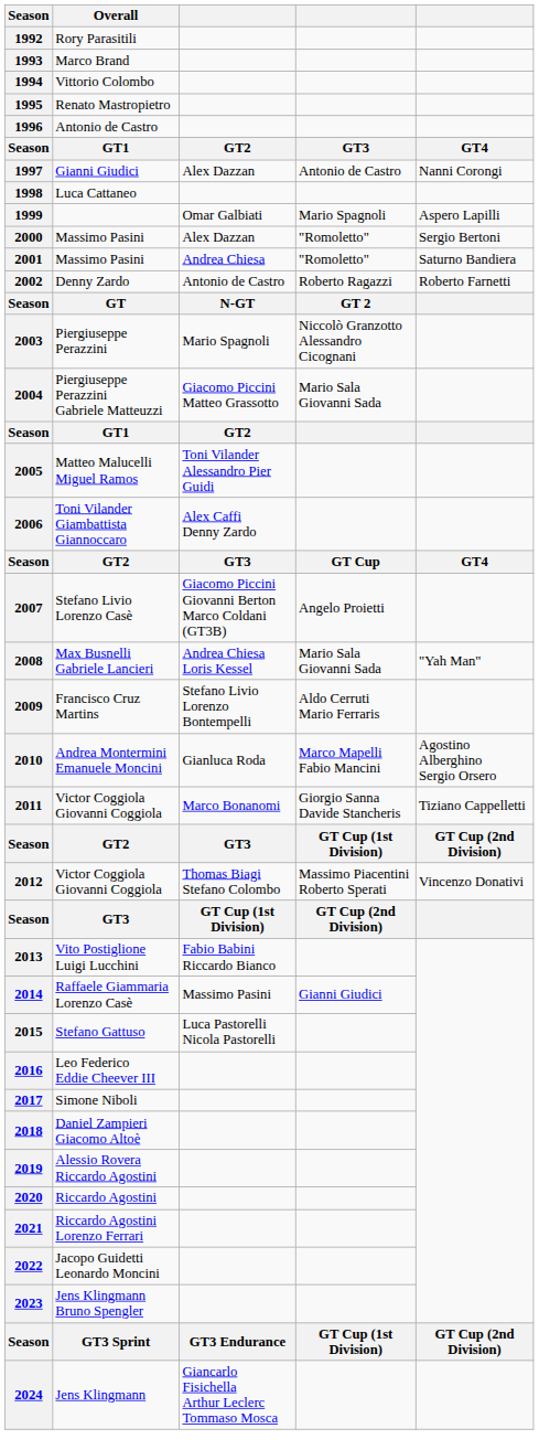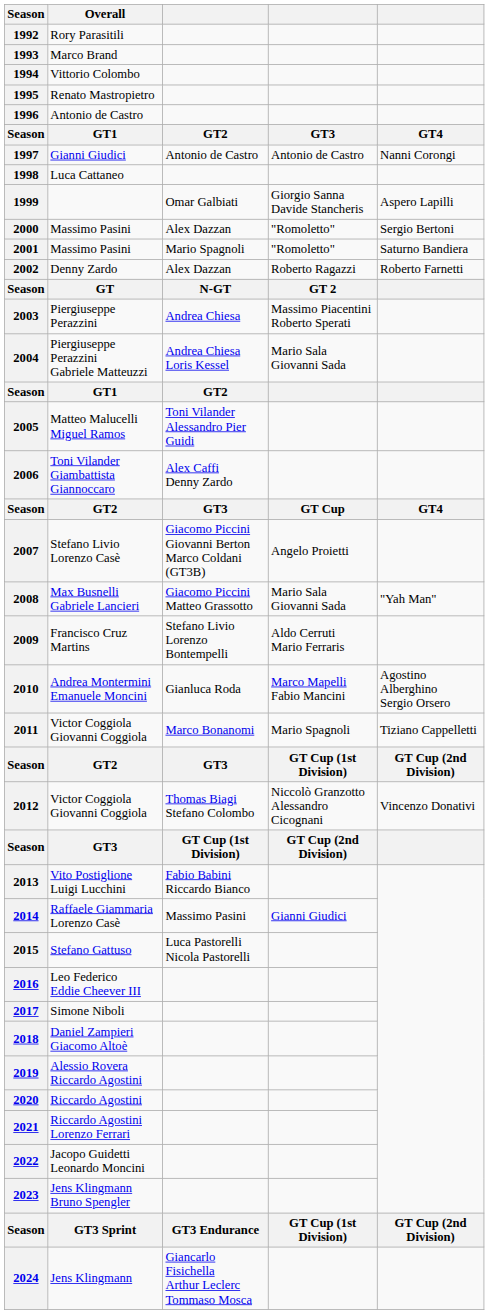 <table class="wikitable" font-size:95%>
 <tr>
 <th>Season</th>
 <th>Overall</th>
 <th></th>
 <th></th>
 <th></th>
 </tr>
 <tr>
 <th>1992</th>
 <td> Rory Parasitili</td>
 <td></td>
 <td></td>
 <td></td>
 </tr>
 <tr>
 <th>1993</th>
 <td> Marco Brand</td>
 <td></td>
 <td></td>
 <td></td>
 </tr>
 <tr>
 <th>1994</th>
 <td> Vittorio Colombo</td>
 <td></td>
 <td></td>
 <td></td>
 </tr>
 <tr>
 <th>1995</th>
 <td> Renato Mastropietro</td>
 <td></td>
 <td></td>
 <td></td>
 </tr>
 <tr>
 <th>1996</th>
 <td> Antonio de Castro</td>
 <td></td>
 <td></td>
 <td></td>
 </tr>
 <tr>
 <th>Season</th>
 <th>GT1</th>
 <th>GT2</th>
 <th>GT3</th>
 <th>GT4</th>
 </tr>
 <tr>
 <th>1997</th>
 <td> <a href='#'>Gianni Giudici</a></td>
-<td> Alex Dazzan</td>
+<td> Antonio de Castro</td>
 <td> Antonio de Castro</td>
 <td> Nanni Corongi</td>
 </tr>
 <tr>
 <th>1998</th>
 <td> Luca Cattaneo</td>
 <td></td>
 <td></td>
 <td></td>
 </tr>
 <tr>
 <th>1999</th>
 <td></td>
 <td> Omar Galbiati</td>
-<td> Mario Spagnoli</td>
+<td> Giorgio Sanna<br> Davide Stancheris</td>
 <td> Aspero Lapilli</td>
 </tr>
 <tr>
 <th>2000</th>
 <td> Massimo Pasini</td>
 <td> Alex Dazzan</td>
 <td> "Romoletto"</td>
 <td> Sergio Bertoni</td>
 </tr>
 <tr>
 <th>2001</th>
 <td> Massimo Pasini</td>
-<td> <a href='#'>Andrea Chiesa</a></td>
+<td> Mario Spagnoli</td>
 <td> "Romoletto"</td>
 <td> Saturno Bandiera</td>
 </tr>
 <tr>
 <th>2002</th>
 <td> Denny Zardo</td>
-<td> Antonio de Castro</td>
+<td> Alex Dazzan</td>
 <td> Roberto Ragazzi</td>
 <td> Roberto Farnetti</td>
 </tr>
 <tr>
 <th>Season</th>
 <th>GT</th>
 <th>N-GT</th>
 <th>GT 2</th>
 <th></th>
 </tr>
 <tr>
 <th>2003</th>
 <td> Piergiuseppe Perazzini</td>
-<td> Mario Spagnoli</td>
-<td> Niccolò Granzotto<br> Alessandro Cicognani</td>
+<td> <a href='#'>Andrea Chiesa</a></td>
+<td> Massimo Piacentini<br> Roberto Sperati</td>
 <td></td>
 </tr>
 <tr>
 <th>2004</th>
 <td> Piergiuseppe Perazzini<br> Gabriele Matteuzzi</td>
-<td> <a href='#'>Giacomo Piccini</a><br> Matteo Grassotto</td>
+<td> <a href='#'>Andrea Chiesa</a><br> <a href='#'>Loris Kessel</a></td>
 <td> Mario Sala<br> Giovanni Sada</td>
 <td></td>
 </tr>
 <tr>
 <th>Season</th>
 <th>GT1</th>
 <th>GT2</th>
 <th></th>
 <th></th>
 </tr>
 <tr>
 <th>2005</th>
 <td> Matteo Malucelli<br> <a href='#'>Miguel Ramos</a></td>
 <td> <a href='#'>Toni Vilander</a><br> <a href='#'>Alessandro Pier Guidi</a></td>
 <td></td>
 <td></td>
 </tr>
 <tr>
 <th>2006</th>
 <td> <a href='#'>Toni Vilander</a><br> <a href='#'>Giambattista Giannoccaro</a></td>
 <td> <a href='#'>Alex Caffi</a><br> Denny Zardo</td>
 <td></td>
 <td></td>
 </tr>
 <tr>
 <th>Season</th>
 <th>GT2</th>
 <th>GT3</th>
 <th>GT Cup</th>
 <th>GT4</th>
 </tr>
 <tr>
 <th>2007</th>
 <td> Stefano Livio<br> Lorenzo Casè</td>
 <td> <a href='#'>Giacomo Piccini</a><br> Giovanni Berton<br> Marco Coldani (GT3B)</td>
 <td> Angelo Proietti</td>
 <td></td>
 </tr>
 <tr>
 <th>2008</th>
 <td> <a href='#'>Max Busnelli</a><br> <a href='#'>Gabriele Lancieri</a></td>
-<td> <a href='#'>Andrea Chiesa</a><br> <a href='#'>Loris Kessel</a></td>
+<td> <a href='#'>Giacomo Piccini</a><br> Matteo Grassotto</td>
 <td> Mario Sala<br> Giovanni Sada</td>
 <td> "Yah Man"</td>
 </tr>
 <tr>
 <th>2009</th>
 <td> Francisco Cruz Martins</td>
 <td> Stefano Livio<br> Lorenzo Bontempelli</td>
 <td> Aldo Cerruti<br> Mario Ferraris</td>
 <td></td>
 </tr>
 <tr>
 <th>2010</th>
 <td> <a href='#'>Andrea Montermini</a><br> <a href='#'>Emanuele Moncini</a></td>
 <td> Gianluca Roda</td>
 <td> <a href='#'>Marco Mapelli</a><br> Fabio Mancini</td>
 <td> Agostino Alberghino<br> Sergio Orsero</td>
 </tr>
 <tr>
 <th>2011</th>
 <td> Victor Coggiola<br> Giovanni Coggiola</td>
 <td> <a href='#'>Marco Bonanomi</a></td>
-<td> Giorgio Sanna<br> Davide Stancheris</td>
+<td> Mario Spagnoli</td>
 <td> Tiziano Cappelletti</td>
 </tr>
 <tr>
 <th>Season</th>
 <th>GT2</th>
 <th>GT3</th>
 <th>GT Cup (1st Division)</th>
 <th>GT Cup (2nd Division)</th>
 </tr>
 <tr>
 <th>2012</th>
 <td> Victor Coggiola<br> Giovanni Coggiola</td>
 <td> <a href='#'>Thomas Biagi</a><br> Stefano Colombo</td>
-<td> Massimo Piacentini<br> Roberto Sperati</td>
+<td> Niccolò Granzotto<br> Alessandro Cicognani</td>
 <td> Vincenzo Donativi</td>
 </tr>
 <tr>
 <th>Season</th>
 <th>GT3</th>
 <th>GT Cup (1st Division)</th>
 <th>GT Cup (2nd Division)</th>
 <th></th>
 </tr>
 <tr>
 <th>2013</th>
 <td> <a href='#'>Vito Postiglione</a><br> Luigi Lucchini</td>
 <td> <a href='#'>Fabio Babini</a><br> Riccardo Bianco</td>
 <td></td>
 </tr>
 <tr>
 <th><a href='#'>2014</a></th>
 <td> <a href='#'>Raffaele Giammaria</a><br> Lorenzo Casè</td>
 <td> Massimo Pasini</td>
 <td> <a href='#'>Gianni Giudici</a></td>
 </tr>
 <tr>
 <th>2015</th>
 <td> <a href='#'>Stefano Gattuso</a></td>
 <td> Luca Pastorelli<br> Nicola Pastorelli</td>
 <td></td>
 </tr>
 <tr>
 <th><a href='#'>2016</a></th>
 <td> Leo Federico<br> <a href='#'>Eddie Cheever III</a></td>
 <td></td>
 <td></td>
 </tr>
 <tr>
 <th><a href='#'>2017</a></th>
 <td> Simone Niboli</td>
 <td></td>
 <td></td>
 </tr>
 <tr>
 <th><a href='#'>2018</a></th>
 <td> <a href='#'>Daniel Zampieri</a><br> <a href='#'>Giacomo Altoè</a></td>
 <td></td>
 <td></td>
 </tr>
 <tr>
 <th><a href='#'>2019</a></th>
 <td> <a href='#'>Alessio Rovera</a><br> <a href='#'>Riccardo Agostini</a></td>
 <td></td>
 <td></td>
 </tr>
 <tr>
 <th><a href='#'>2020</a></th>
 <td> <a href='#'>Riccardo Agostini</a></td>
 <td></td>
 <td></td>
 </tr>
 <tr>
 <th><a href='#'>2021</a></th>
 <td> <a href='#'>Riccardo Agostini</a><br> <a href='#'>Lorenzo Ferrari</a></td>
 <td></td>
 <td></td>
 </tr>
 <tr>
 <th><a href='#'>2022</a></th>
 <td> Jacopo Guidetti<br> Leonardo Moncini</td>
 <td></td>
 <td></td>
 </tr>
 <tr>
 <th><a href='#'>2023</a></th>
 <td> <a href='#'>Jens Klingmann</a><br> <a href='#'>Bruno Spengler</a></td>
 <td></td>
 <td></td>
 </tr>
 <tr>
 <th>Season</th>
 <th>GT3 Sprint</th>
 <th>GT3 Endurance</th>
 <th>GT Cup (1st Division)</th>
 <th>GT Cup (2nd Division)</th>
 </tr>
 <tr>
 <th><a href='#'>2024</a></th>
 <td> <a href='#'>Jens Klingmann</a></td>
 <td> <a href='#'>Giancarlo Fisichella</a><br> <a href='#'>Arthur Leclerc</a><br> <a href='#'>Tommaso Mosca</a></td>
 <td></td>
 <td></td>
 </tr>
 </table>
